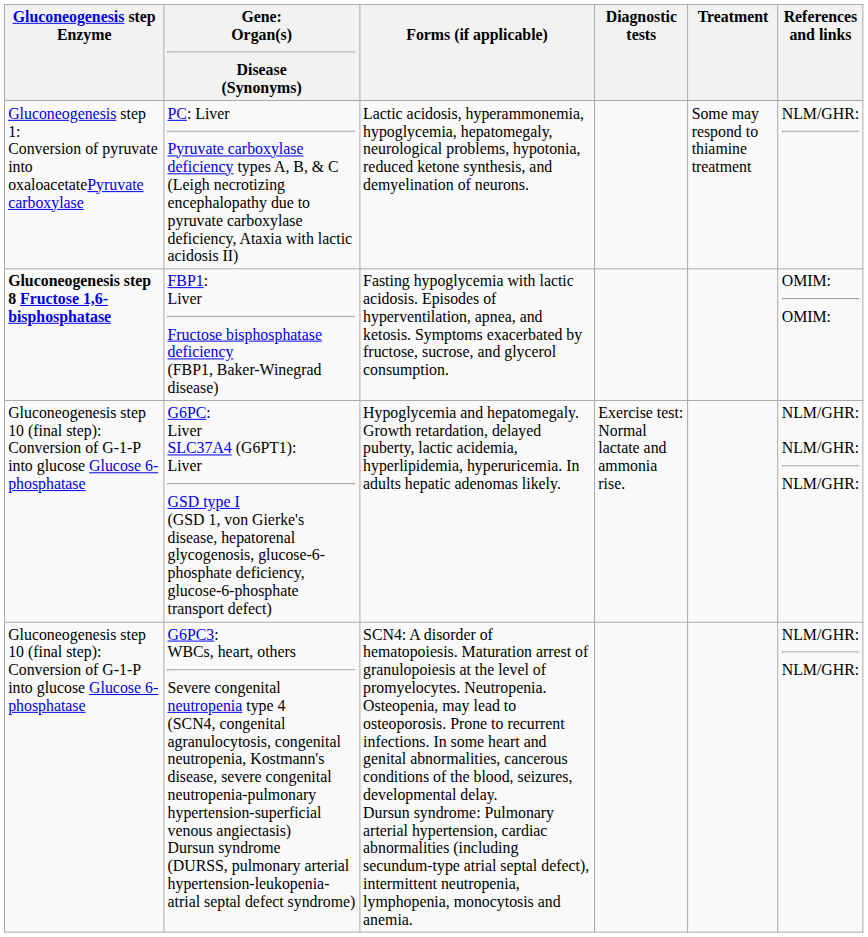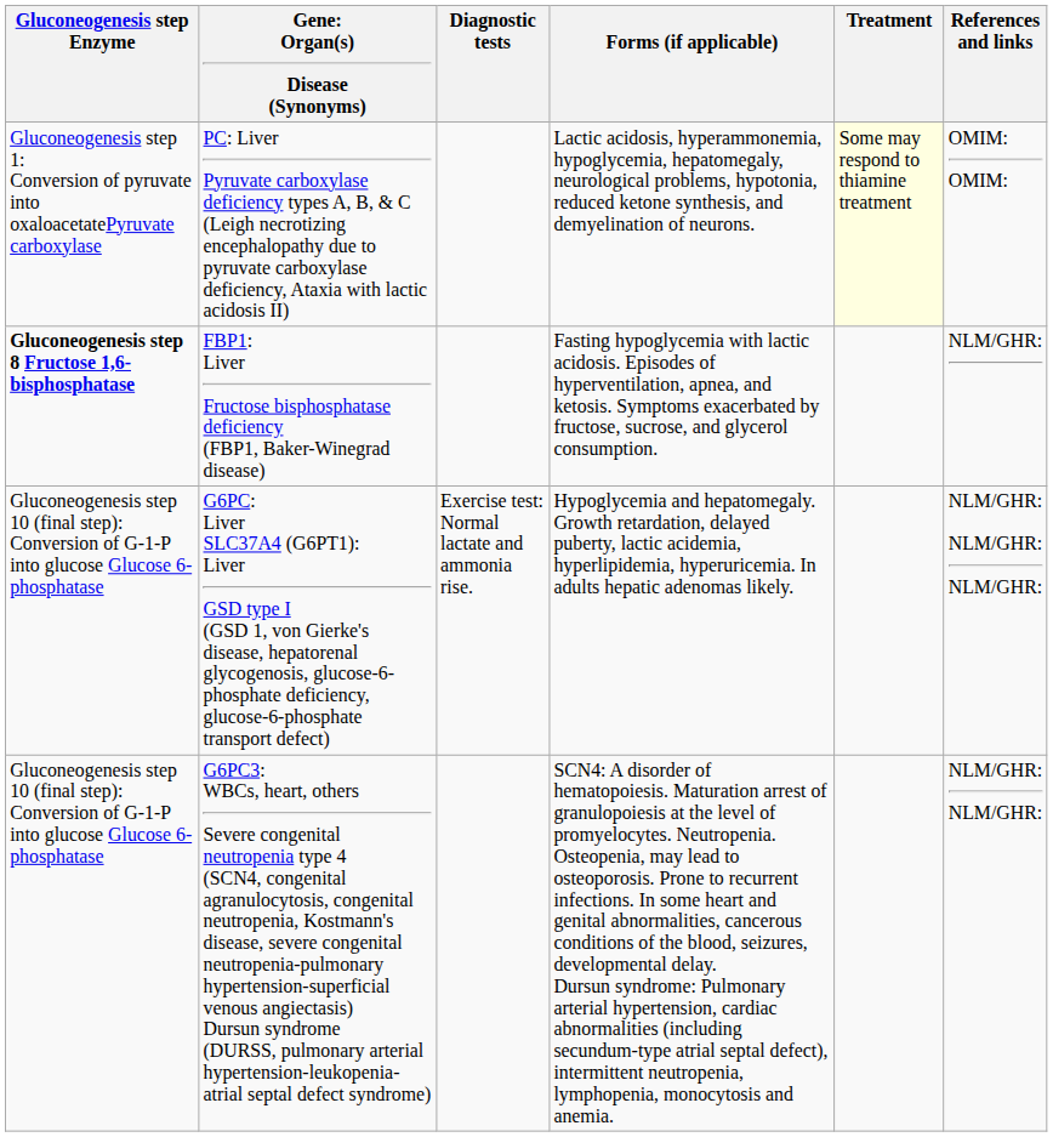 <table class="wikitable">
 <tr valign="top">
 <th><a href='#'>Gluconeogenesis</a> step  Enzyme</th>
 <th>Gene: <br> Organ(s) <hr> Disease<br>(Synonyms)</th>
+<th>Diagnostic tests</th>
 <th> <br> Forms (if applicable) <br> </th>
-<th>Diagnostic tests</th>
 <th>Treatment</th>
 <th>References <br> and links</th>
 </tr>
 <tr valign="top">
 <td><a href='#'>Gluconeogenesis</a> step 1:<br>Conversion of pyruvate into oxaloacetate<a href='#'>Pyruvate carboxylase</a></td>
 <td><a href='#'>PC</a>: Liver<hr>  <a href='#'>Pyruvate carboxylase deficiency</a> types A, B, & C<br>(Leigh necrotizing encephalopathy due to pyruvate carboxylase deficiency, Ataxia with lactic acidosis II)</td>
+<td></td>
 <td>Lactic acidosis, hyperammonemia, hypoglycemia, hepatomegaly, neurological problems, hypotonia, reduced ketone synthesis, and  demyelination of neurons.</td>
-<td></td>
-<td>Some may respond to thiamine treatment</td>
-<td>NLM/GHR: <br> <hr>  <br>  <br> </td>
+<td style="background: lightyellow;">Some may respond to thiamine treatment</td>
+<td>OMIM: <hr>OMIM: </td>
 </tr>
 <tr valign="top">
 <td><strong>Gluconeogenesis step 8  <a href='#'>Fructose 1,6-bisphosphatase</a></strong></td>
 <td><a href='#'>FBP1</a>: <br> Liver <hr>  <a href='#'>Fructose bisphosphatase deficiency</a> <br>(FBP1, Baker-Winegrad disease)</td>
+<td></td>
 <td>Fasting hypoglycemia with lactic acidosis. Episodes of hyperventilation, apnea, and ketosis. Symptoms exacerbated by fructose, sucrose, and glycerol consumption.</td>
 <td></td>
-<td></td>
-<td>OMIM: <hr>OMIM: </td>
+<td>NLM/GHR: <br> <hr>  <br>  <br> </td>
 </tr>
 <tr valign="top">
 <td>Gluconeogenesis step 10 (final step): <br> Conversion of G-1-P into glucose  <a href='#'>Glucose 6-phosphatase</a></td>
 <td><a href='#'>G6PC</a>: <br> Liver <br> <a href='#'>SLC37A4</a> (G6PT1): <br> Liver <hr>  <a href='#'>GSD type I</a> <br> (GSD 1, von Gierke's disease, hepatorenal glycogenosis, glucose-6-phosphate deficiency, glucose-6-phosphate transport defect)</td>
+<td>Exercise test: Normal lactate and ammonia rise.</td>
 <td>Hypoglycemia and hepatomegaly. Growth retardation, delayed puberty, lactic acidemia, hyperlipidemia, hyperuricemia. In adults hepatic adenomas likely.</td>
-<td>Exercise test: Normal lactate and ammonia rise.</td>
 <td></td>
 <td>NLM/GHR: <br> <br> NLM/GHR: <br> <hr> NLM/GHR: <br>  <br>  <br>  <br>  <br>  <br>  <br>  <br> </td>
 </tr>
 <tr valign="top">
 <td>Gluconeogenesis step 10 (final step): <br> Conversion of G-1-P into glucose  <a href='#'>Glucose 6-phosphatase</a></td>
 <td><a href='#'>G6PC3</a>: <br> WBCs, heart, others <hr> Severe congenital <a href='#'>neutropenia</a> type 4 <br> (SCN4, congenital agranulocytosis, congenital neutropenia, Kostmann's disease, severe congenital neutropenia-pulmonary hypertension-superficial venous angiectasis) <br> Dursun syndrome <br> (DURSS, pulmonary arterial hypertension-leukopenia-atrial septal defect syndrome)</td>
+<td></td>
 <td>SCN4: A disorder of hematopoiesis. Maturation arrest of granulopoiesis at the level of promyelocytes. Neutropenia. Osteopenia, may lead to osteoporosis. Prone to recurrent infections. In some heart and genital abnormalities, cancerous conditions of the blood, seizures, developmental delay. <br> Dursun syndrome: Pulmonary arterial hypertension, cardiac abnormalities (including secundum-type atrial septal defect), intermittent neutropenia, lymphopenia, monocytosis and anemia.</td>
-<td></td>
 <td></td>
 <td>NLM/GHR: <br> <hr> NLM/GHR: <br>  <br>  <br> </td>
 </tr>
 </table>
